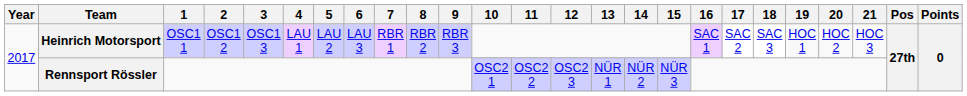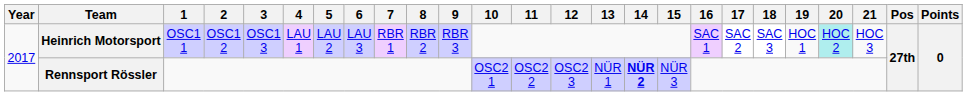 <table class="wikitable" style="text-align:center; font-size:85%">
 <tr>
 <th>Year</th>
 <th>Team</th>
 <th>1</th>
 <th>2</th>
 <th>3</th>
 <th>4</th>
 <th>5</th>
 <th>6</th>
 <th>7</th>
 <th>8</th>
 <th>9</th>
 <th>10</th>
 <th>11</th>
 <th>12</th>
 <th>13</th>
 <th>14</th>
 <th>15</th>
 <th>16</th>
 <th>17</th>
 <th>18</th>
 <th>19</th>
 <th>20</th>
 <th>21</th>
 <th>Pos</th>
 <th>Points</th>
 </tr>
 <tr>
 <td rowspan=2><a href='#'>2017</a></td>
 <th nowrap>Heinrich Motorsport</th>
 <td style="background:#CFCFFF"><a href='#'>OSC1<br>1</a><br></td>
 <td style="background:#CFCFFF"><a href='#'>OSC1<br>2</a><br></td>
 <td style="background:#CFCFFF"><a href='#'>OSC1<br>3</a><br></td>
 <td style="background:#EFCFFF"><a href='#'>LAU<br>1</a><br></td>
 <td style="background:#CFCFFF"><a href='#'>LAU<br>2</a><br></td>
 <td style="background:#CFCFFF"><a href='#'>LAU<br>3</a><br></td>
 <td style="background:#EFCFFF"><a href='#'>RBR<br>1</a><br></td>
 <td style="background:#CFCFFF"><a href='#'>RBR<br>2</a><br></td>
 <td style="background:#CFCFFF"><a href='#'>RBR<br>3</a><br></td>
 <td colspan=6></td>
 <td style="background:#EFCFFF"><a href='#'>SAC<br>1</a><br></td>
 <td style="background:#FFFFFF"><a href='#'>SAC<br>2</a><br></td>
 <td style="background:#FFFFFF"><a href='#'>SAC<br>3</a><br></td>
 <td><a href='#'>HOC<br>1</a></td>
-<td><a href='#'>HOC<br>2</a></td>
+<td style="background: paleturquoise;"><a href='#'>HOC<br>2</a></td>
 <td><a href='#'>HOC<br>3</a></td>
 <th rowspan=2>27th</th>
 <th rowspan=2>0</th>
 </tr>
 <tr>
 <th nowrap>Rennsport Rössler</th>
 <td colspan=9></td>
 <td style="background:#CFCFFF"><a href='#'>OSC2<br>1</a><br></td>
 <td style="background:#CFCFFF"><a href='#'>OSC2<br>2</a><br></td>
 <td style="background:#CFCFFF"><a href='#'>OSC2<br>3</a><br></td>
 <td style="background:#CFCFFF"><a href='#'>NÜR<br>1</a><br></td>
-<td style="background:#CFCFFF"><a href='#'>NÜR<br>2</a><br></td>
+<td style="background:#CFCFFF"><strong><a href='#'>NÜR<br>2</a><br></strong></td>
 <td style="background:#CFCFFF"><a href='#'>NÜR<br>3</a><br></td>
 <td colspan=6></td>
 </tr>
 </table>
